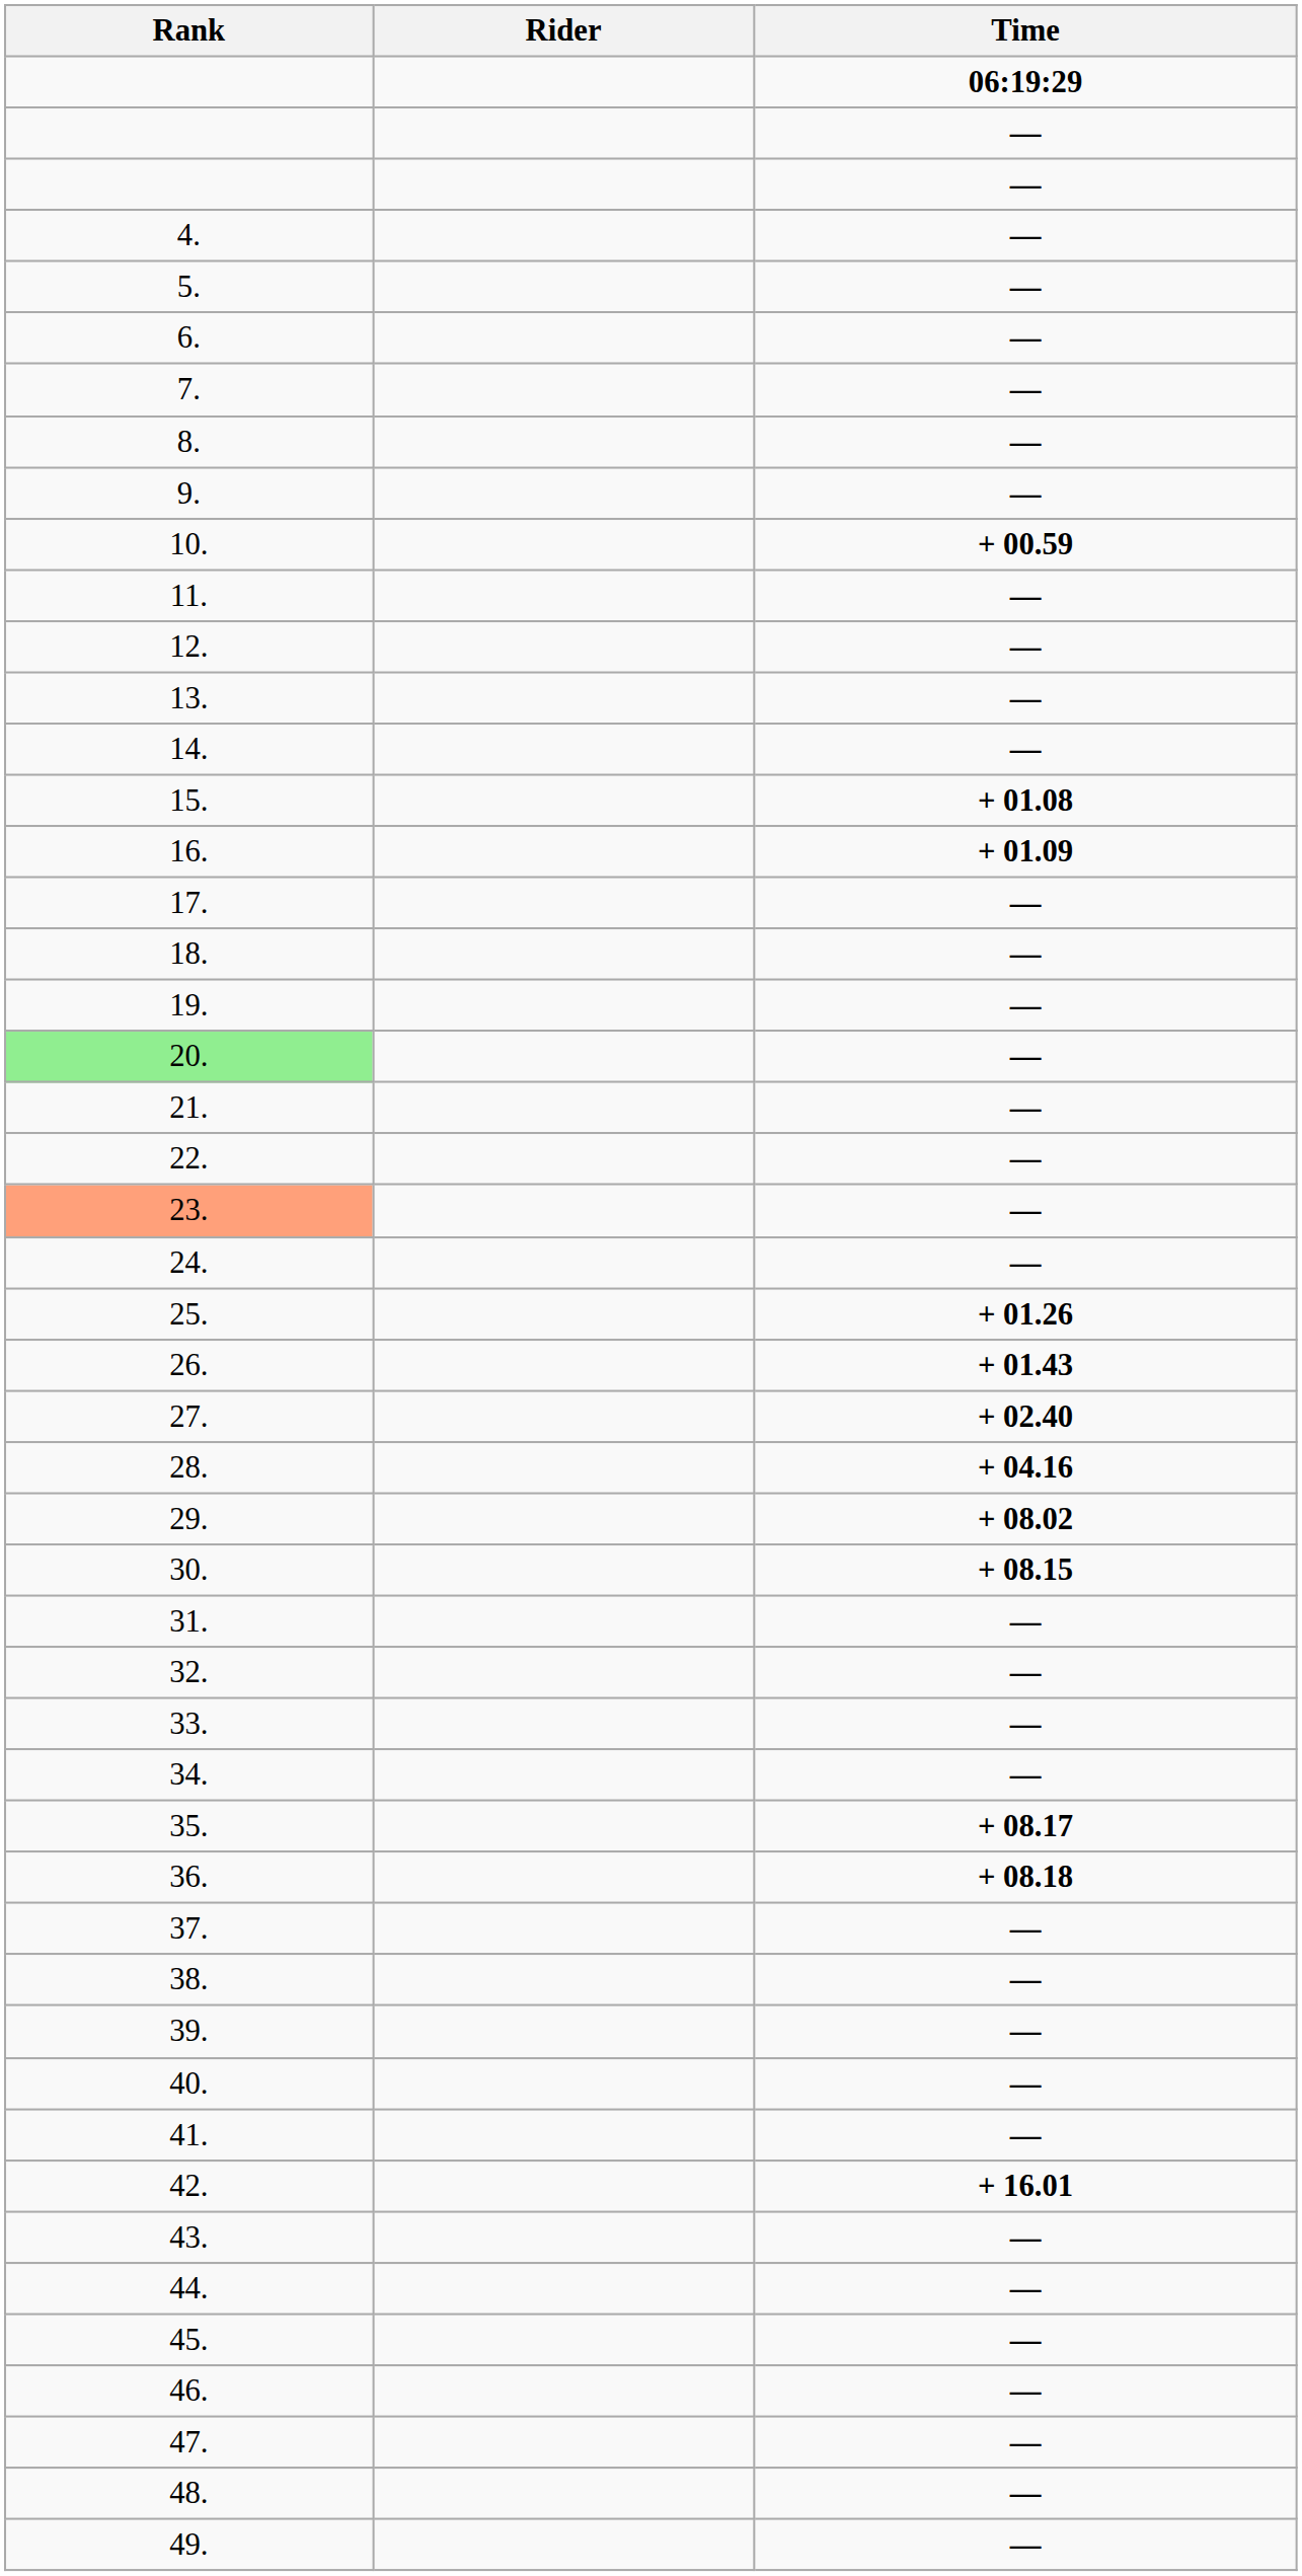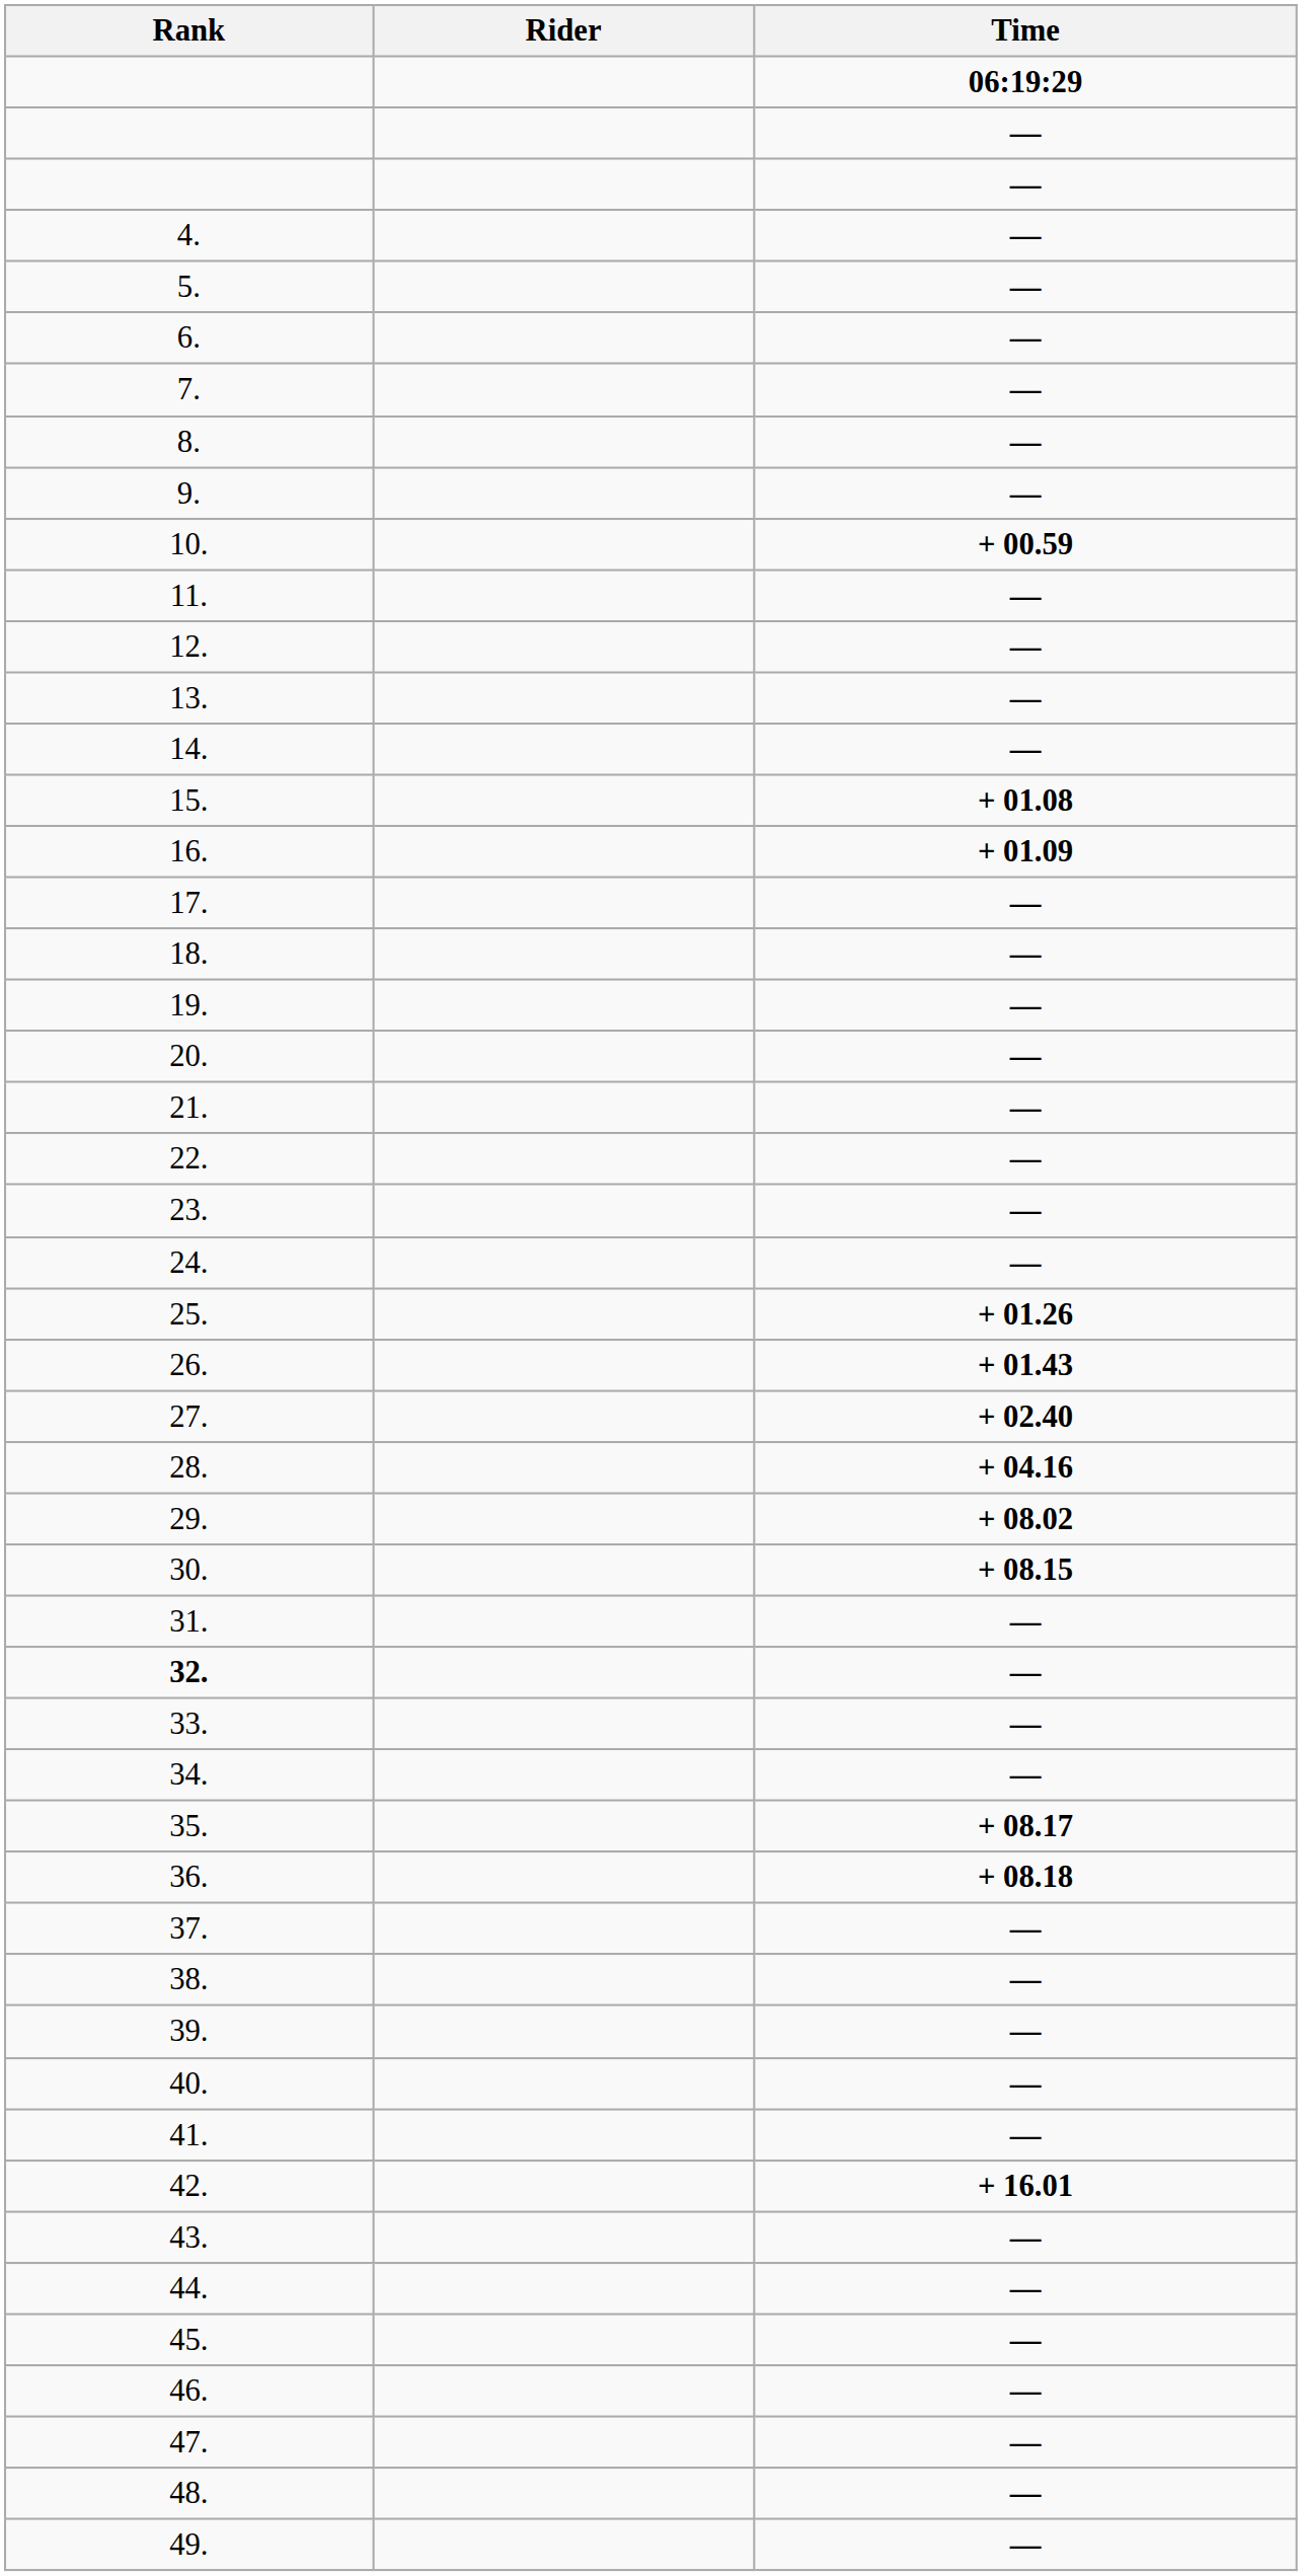 <table class=wikitable style="font-size:95%" width="50%">
 <tr>
 <th>Rank</th>
 <th>Rider</th>
 <th>Time</th>
 </tr>
 <tr>
 <td align="center"></td>
 <td></td>
 <td align="center"><strong>06:19:29</strong></td>
 </tr>
 <tr>
 <td align="center"></td>
 <td></td>
 <td align="center"><strong>—</strong></td>
 </tr>
 <tr>
 <td align="center"></td>
 <td></td>
 <td align="center"><strong>—</strong></td>
 </tr>
 <tr>
 <td align="center">4.</td>
 <td></td>
 <td align="center"><strong>—</strong></td>
 </tr>
 <tr>
 <td align="center">5.</td>
 <td></td>
 <td align="center"><strong>—</strong></td>
 </tr>
 <tr>
 <td align="center">6.</td>
 <td></td>
 <td align="center"><strong>—</strong></td>
 </tr>
 <tr>
 <td align="center">7.</td>
 <td></td>
 <td align="center"><strong>—</strong></td>
 </tr>
 <tr>
 <td align="center">8.</td>
 <td></td>
 <td align="center"><strong>—</strong></td>
 </tr>
 <tr>
 <td align="center">9.</td>
 <td></td>
 <td align="center"><strong>—</strong></td>
 </tr>
 <tr>
 <td align="center">10.</td>
 <td></td>
 <td align="center"><strong>+ 00.59</strong></td>
 </tr>
 <tr>
 <td align="center">11.</td>
 <td></td>
 <td align="center"><strong>—</strong></td>
 </tr>
 <tr>
 <td align="center">12.</td>
 <td></td>
 <td align="center"><strong>—</strong></td>
 </tr>
 <tr>
 <td align="center">13.</td>
 <td></td>
 <td align="center"><strong>— </strong></td>
 </tr>
 <tr>
 <td align="center">14.</td>
 <td></td>
 <td align="center"><strong>—</strong></td>
 </tr>
 <tr>
 <td align="center">15.</td>
 <td></td>
 <td align="center"><strong>+ 01.08</strong></td>
 </tr>
 <tr>
 <td align="center">16.</td>
 <td></td>
 <td align="center"><strong>+ 01.09</strong></td>
 </tr>
 <tr>
 <td align="center">17.</td>
 <td></td>
 <td align="center"><strong>—</strong></td>
 </tr>
 <tr>
 <td align="center">18.</td>
 <td></td>
 <td align="center"><strong>—</strong></td>
 </tr>
 <tr>
 <td align="center">19.</td>
 <td></td>
 <td align="center"><strong>—</strong></td>
 </tr>
 <tr>
-<td align="center" style="background: lightgreen;">20.</td>
+<td align="center">20.</td>
 <td></td>
 <td align="center"><strong>—</strong></td>
 </tr>
 <tr>
 <td align="center">21.</td>
 <td></td>
 <td align="center"><strong>—</strong></td>
 </tr>
 <tr>
 <td align="center">22.</td>
 <td></td>
 <td align="center"><strong>—</strong></td>
 </tr>
 <tr>
-<td align="center" style="background: lightsalmon;">23.</td>
+<td align="center">23.</td>
 <td></td>
 <td align="center"><strong>—</strong></td>
 </tr>
 <tr>
 <td align="center">24.</td>
 <td></td>
 <td align="center"><strong>— </strong></td>
 </tr>
 <tr>
 <td align="center">25.</td>
 <td></td>
 <td align="center"><strong>+ 01.26</strong></td>
 </tr>
 <tr>
 <td align="center">26.</td>
 <td></td>
 <td align="center"><strong>+ 01.43</strong></td>
 </tr>
 <tr>
 <td align="center">27.</td>
 <td></td>
 <td align="center"><strong>+ 02.40</strong></td>
 </tr>
 <tr>
 <td align="center">28.</td>
 <td></td>
 <td align="center"><strong>+ 04.16</strong></td>
 </tr>
 <tr>
 <td align="center">29.</td>
 <td></td>
 <td align="center"><strong>+ 08.02</strong></td>
 </tr>
 <tr>
 <td align="center">30.</td>
 <td></td>
 <td align="center"><strong>+ 08.15</strong></td>
 </tr>
 <tr>
 <td align="center">31.</td>
 <td></td>
 <td align="center"><strong>—</strong></td>
 </tr>
 <tr>
-<td align="center">32.</td>
+<td align="center"><strong>32.</strong></td>
 <td></td>
 <td align="center"><strong>—</strong></td>
 </tr>
 <tr>
 <td align="center">33.</td>
 <td></td>
 <td align="center"><strong>—</strong></td>
 </tr>
 <tr>
 <td align="center">34.</td>
 <td></td>
 <td align="center"><strong>—</strong></td>
 </tr>
 <tr>
 <td align="center">35.</td>
 <td></td>
 <td align="center"><strong>+ 08.17</strong></td>
 </tr>
 <tr>
 <td align="center">36.</td>
 <td></td>
 <td align="center"><strong>+ 08.18</strong></td>
 </tr>
 <tr>
 <td align="center">37.</td>
 <td></td>
 <td align="center"><strong>—</strong></td>
 </tr>
 <tr>
 <td align="center">38.</td>
 <td></td>
 <td align="center"><strong>—</strong></td>
 </tr>
 <tr>
 <td align="center">39.</td>
 <td></td>
 <td align="center"><strong>—</strong></td>
 </tr>
 <tr>
 <td align="center">40.</td>
 <td></td>
 <td align="center"><strong>—</strong></td>
 </tr>
 <tr>
 <td align="center">41.</td>
 <td></td>
 <td align="center"><strong>—</strong></td>
 </tr>
 <tr>
 <td align="center">42.</td>
 <td></td>
 <td align="center"><strong>+ 16.01</strong></td>
 </tr>
 <tr>
 <td align="center">43.</td>
 <td></td>
 <td align="center"><strong>—</strong></td>
 </tr>
 <tr>
 <td align="center">44.</td>
 <td></td>
 <td align="center"><strong>—</strong></td>
 </tr>
 <tr>
 <td align="center">45.</td>
 <td></td>
 <td align="center"><strong>— </strong></td>
 </tr>
 <tr>
 <td align="center">46.</td>
 <td></td>
 <td align="center"><strong>—</strong></td>
 </tr>
 <tr>
 <td align="center">47.</td>
 <td></td>
 <td align="center"><strong>— </strong></td>
 </tr>
 <tr>
 <td align="center">48.</td>
 <td></td>
 <td align="center"><strong>—</strong></td>
 </tr>
 <tr>
 <td align="center">49.</td>
 <td></td>
 <td align="center"><strong>—</strong></td>
 </tr>
 </table>
